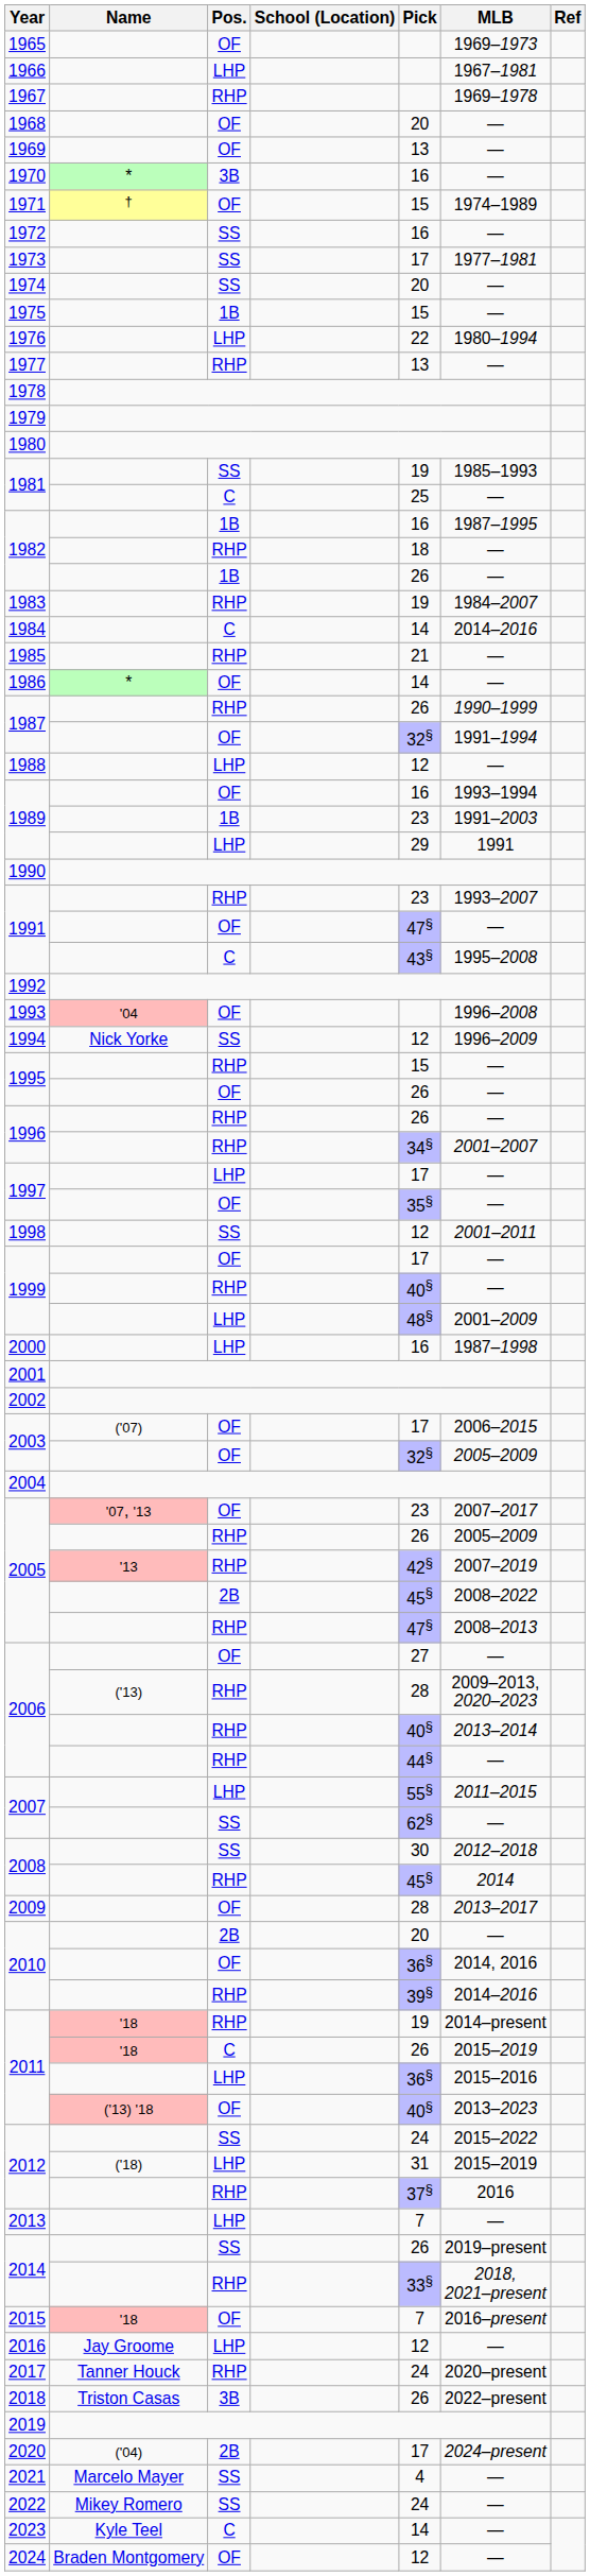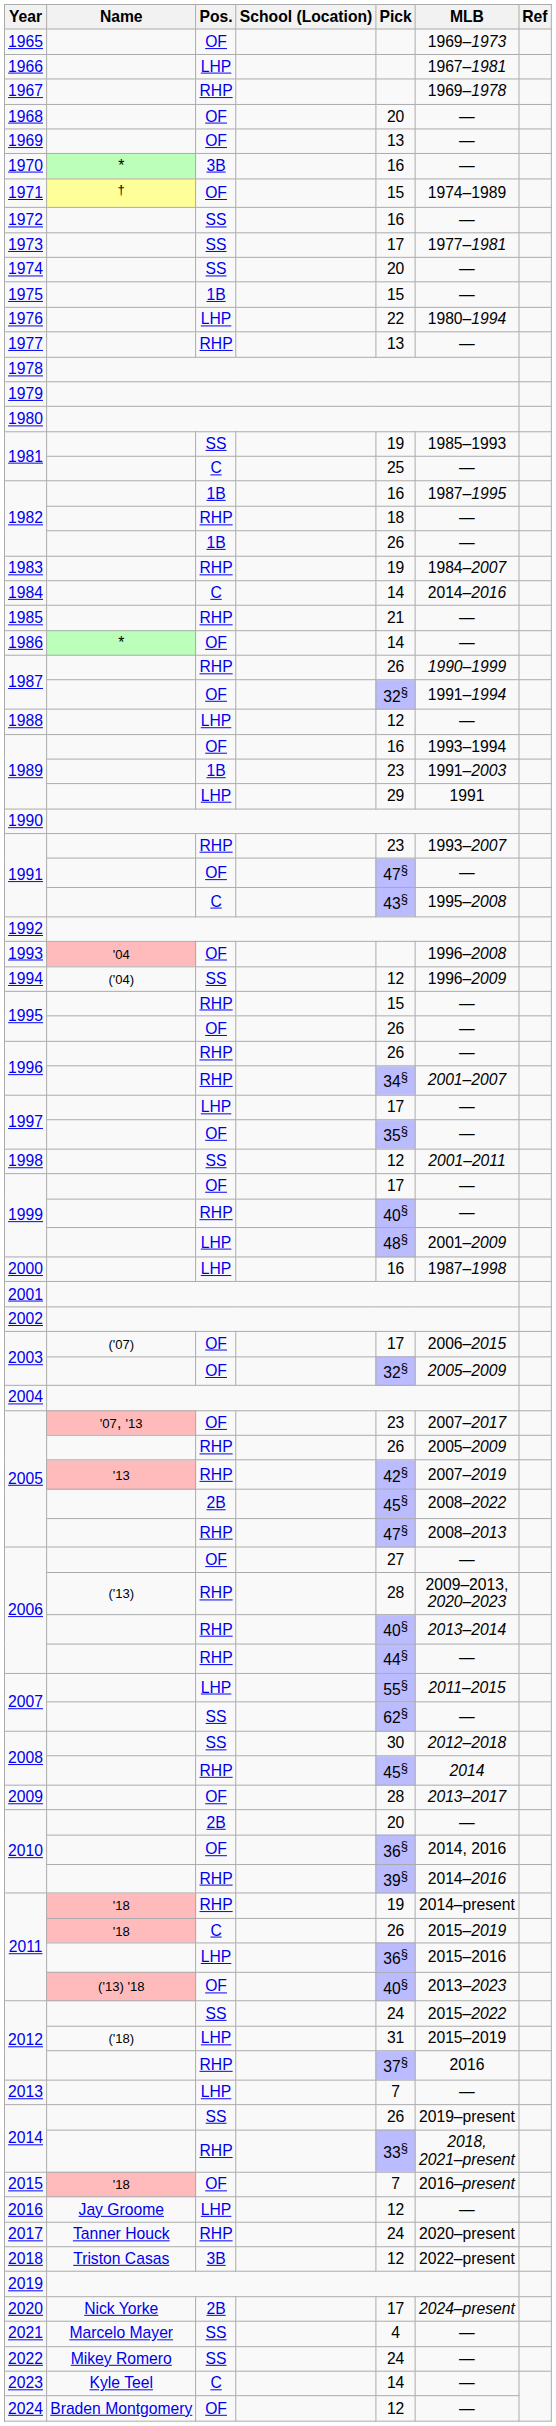 <table class="wikitable sortable" style="text-align:center;">
 <tr>
 <th>Year</th>
 <th>Name</th>
 <th>Pos.</th>
 <th>School (Location)</th>
 <th>Pick</th>
 <th>MLB</th>
 <th class="unsortable">Ref</th>
 </tr>
 <tr>
 <td><a href='#'>1965</a></td>
 <td></td>
 <td><a href='#'>OF</a></td>
 <td></td>
 <td></td>
 <td>1969–<em>1973</em></td>
 <td></td>
 </tr>
 <tr>
 <td><a href='#'>1966</a></td>
 <td></td>
 <td><a href='#'>LHP</a></td>
 <td></td>
 <td></td>
 <td>1967–<em>1981</em></td>
 <td></td>
 </tr>
 <tr>
 <td><a href='#'>1967</a></td>
 <td></td>
 <td><a href='#'>RHP</a></td>
 <td></td>
 <td></td>
 <td>1969–<em>1978</em></td>
 <td></td>
 </tr>
 <tr>
 <td><a href='#'>1968</a></td>
 <td></td>
 <td><a href='#'>OF</a></td>
 <td></td>
 <td>20</td>
 <td>—</td>
 <td></td>
 </tr>
 <tr>
 <td><a href='#'>1969</a></td>
 <td></td>
 <td><a href='#'>OF</a></td>
 <td></td>
 <td>13</td>
 <td>—</td>
 <td></td>
 </tr>
 <tr>
 <td><a href='#'>1970</a></td>
 <td style="background:#bfb;">*</td>
 <td><a href='#'>3B</a></td>
 <td></td>
 <td>16</td>
 <td>—</td>
 <td></td>
 </tr>
 <tr>
 <td><a href='#'>1971</a></td>
 <td style="background:#ff9;"><sup>†</sup></td>
 <td><a href='#'>OF</a></td>
 <td></td>
 <td>15</td>
 <td>1974–1989</td>
 <td></td>
 </tr>
 <tr>
 <td><a href='#'>1972</a></td>
 <td></td>
 <td><a href='#'>SS</a></td>
 <td></td>
 <td>16</td>
 <td>—</td>
 <td></td>
 </tr>
 <tr>
 <td><a href='#'>1973</a></td>
 <td></td>
 <td><a href='#'>SS</a></td>
 <td></td>
 <td>17</td>
 <td>1977–<em>1981</em></td>
 <td></td>
 </tr>
 <tr>
 <td><a href='#'>1974</a></td>
 <td></td>
 <td><a href='#'>SS</a></td>
 <td></td>
 <td>20</td>
 <td>—</td>
 <td></td>
 </tr>
 <tr>
 <td><a href='#'>1975</a></td>
 <td></td>
 <td><a href='#'>1B</a></td>
 <td></td>
 <td>15</td>
 <td>—</td>
 <td></td>
 </tr>
 <tr>
 <td><a href='#'>1976</a></td>
 <td></td>
 <td><a href='#'>LHP</a></td>
 <td></td>
 <td>22</td>
 <td>1980–<em>1994</em></td>
 <td></td>
 </tr>
 <tr>
 <td><a href='#'>1977</a></td>
 <td></td>
 <td><a href='#'>RHP</a></td>
 <td></td>
 <td>13</td>
 <td>—</td>
 <td></td>
 </tr>
 <tr>
 <td><a href='#'>1978</a></td>
 <td colspan="5"></td>
 <td></td>
 </tr>
 <tr>
 <td><a href='#'>1979</a></td>
 <td colspan="5"></td>
 <td></td>
 </tr>
 <tr>
 <td><a href='#'>1980</a></td>
 <td colspan="5"></td>
 <td></td>
 </tr>
 <tr>
 <td rowspan=2><a href='#'>1981</a></td>
 <td></td>
 <td><a href='#'>SS</a></td>
 <td></td>
 <td>19</td>
 <td>1985–1993</td>
 <td></td>
 </tr>
 <tr>
 <td></td>
 <td><a href='#'>C</a></td>
 <td></td>
 <td>25</td>
 <td>—</td>
 <td></td>
 </tr>
 <tr>
 <td rowspan=3><a href='#'>1982</a></td>
 <td></td>
 <td><a href='#'>1B</a></td>
 <td></td>
 <td>16</td>
 <td>1987–<em>1995</em></td>
 <td></td>
 </tr>
 <tr>
 <td></td>
 <td><a href='#'>RHP</a></td>
 <td></td>
 <td>18</td>
 <td>—</td>
 <td></td>
 </tr>
 <tr>
 <td></td>
 <td><a href='#'>1B</a></td>
 <td></td>
 <td>26</td>
 <td>—</td>
 <td></td>
 </tr>
 <tr>
 <td><a href='#'>1983</a></td>
 <td></td>
 <td><a href='#'>RHP</a></td>
 <td></td>
 <td>19</td>
 <td>1984–<em>2007</em></td>
 <td></td>
 </tr>
 <tr>
 <td><a href='#'>1984</a></td>
 <td></td>
 <td><a href='#'>C</a></td>
 <td></td>
 <td>14</td>
 <td>2014–<em>2016</em></td>
 <td></td>
 </tr>
 <tr>
 <td><a href='#'>1985</a></td>
 <td></td>
 <td><a href='#'>RHP</a></td>
 <td></td>
 <td>21</td>
 <td>—</td>
 <td></td>
 </tr>
 <tr>
 <td><a href='#'>1986</a></td>
 <td style="background:#bfb;">*</td>
 <td><a href='#'>OF</a></td>
 <td></td>
 <td>14</td>
 <td>—</td>
 <td></td>
 </tr>
 <tr>
 <td rowspan=2><a href='#'>1987</a></td>
 <td></td>
 <td><a href='#'>RHP</a></td>
 <td></td>
 <td>26</td>
 <td><em>1990</em>–<em>1999</em></td>
 <td></td>
 </tr>
 <tr>
 <td></td>
 <td><a href='#'>OF</a></td>
 <td></td>
 <td style="background:#bbf;">32<sup>§</sup></td>
 <td>1991–<em>1994</em></td>
 <td></td>
 </tr>
 <tr>
 <td><a href='#'>1988</a></td>
 <td></td>
 <td><a href='#'>LHP</a></td>
 <td></td>
 <td>12</td>
 <td>—</td>
 <td></td>
 </tr>
 <tr>
 <td rowspan=3><a href='#'>1989</a></td>
 <td></td>
 <td><a href='#'>OF</a></td>
 <td></td>
 <td>16</td>
 <td>1993–1994</td>
 <td></td>
 </tr>
 <tr>
 <td></td>
 <td><a href='#'>1B</a></td>
 <td></td>
 <td>23</td>
 <td>1991–<em>2003</em></td>
 <td></td>
 </tr>
 <tr>
 <td></td>
 <td><a href='#'>LHP</a></td>
 <td></td>
 <td>29</td>
 <td>1991</td>
 <td></td>
 </tr>
 <tr>
 <td><a href='#'>1990</a></td>
 <td colspan="5"></td>
 <td></td>
 </tr>
 <tr>
 <td rowspan=3><a href='#'>1991</a></td>
 <td></td>
 <td><a href='#'>RHP</a></td>
 <td></td>
 <td>23</td>
 <td>1993–<em>2007</em></td>
 <td></td>
 </tr>
 <tr>
 <td></td>
 <td><a href='#'>OF</a></td>
 <td></td>
 <td style="background:#bbf;">47<sup>§</sup></td>
 <td>—</td>
 <td></td>
 </tr>
 <tr>
 <td></td>
 <td><a href='#'>C</a></td>
 <td></td>
 <td style="background:#bbf;">43<sup>§</sup></td>
 <td>1995–<em>2008</em></td>
 <td></td>
 </tr>
 <tr>
 <td><a href='#'>1992</a></td>
 <td colspan="5"></td>
 <td></td>
 </tr>
 <tr>
 <td><a href='#'>1993</a></td>
 <td style="background:#fbb;"> <small>'04</small></td>
 <td><a href='#'>OF</a></td>
 <td></td>
 <td></td>
 <td>1996–<em>2008</em></td>
 <td></td>
 </tr>
 <tr>
 <td><a href='#'>1994</a></td>
-<td><a href='#'>Nick Yorke</a></td>
+<td> <small>('04)</small></td>
 <td><a href='#'>SS</a></td>
 <td></td>
 <td>12</td>
 <td>1996–<em>2009</em></td>
 <td></td>
 </tr>
 <tr>
 <td rowspan=2><a href='#'>1995</a></td>
 <td></td>
 <td><a href='#'>RHP</a></td>
 <td></td>
 <td>15</td>
 <td>—</td>
 <td></td>
 </tr>
 <tr>
 <td></td>
 <td><a href='#'>OF</a></td>
 <td></td>
 <td>26</td>
 <td>—</td>
 <td></td>
 </tr>
 <tr>
 <td rowspan=2><a href='#'>1996</a></td>
 <td></td>
 <td><a href='#'>RHP</a></td>
 <td></td>
 <td>26</td>
 <td>—</td>
 <td></td>
 </tr>
 <tr>
 <td></td>
 <td><a href='#'>RHP</a></td>
 <td></td>
 <td style="background:#bbf;">34<sup>§</sup></td>
 <td><em>2001</em>–<em>2007</em></td>
 <td></td>
 </tr>
 <tr>
 <td rowspan=2><a href='#'>1997</a></td>
 <td></td>
 <td><a href='#'>LHP</a></td>
 <td></td>
 <td>17</td>
 <td>—</td>
 <td></td>
 </tr>
 <tr>
 <td></td>
 <td><a href='#'>OF</a></td>
 <td></td>
 <td style="background:#bbf;">35<sup>§</sup></td>
 <td>—</td>
 <td></td>
 </tr>
 <tr>
 <td><a href='#'>1998</a></td>
 <td></td>
 <td><a href='#'>SS</a></td>
 <td></td>
 <td>12</td>
 <td><em>2001</em>–<em>2011</em></td>
 <td></td>
 </tr>
 <tr>
 <td rowspan=3><a href='#'>1999</a></td>
 <td></td>
 <td><a href='#'>OF</a></td>
 <td></td>
 <td>17</td>
 <td>—</td>
 <td></td>
 </tr>
 <tr>
 <td></td>
 <td><a href='#'>RHP</a></td>
 <td></td>
 <td style="background:#bbf;">40<sup>§</sup></td>
 <td>—</td>
 <td></td>
 </tr>
 <tr>
 <td></td>
 <td><a href='#'>LHP</a></td>
 <td></td>
 <td style="background:#bbf;">48<sup>§</sup></td>
 <td>2001–<em>2009</em></td>
 <td></td>
 </tr>
 <tr>
 <td><a href='#'>2000</a></td>
 <td></td>
 <td><a href='#'>LHP</a></td>
 <td></td>
 <td>16</td>
 <td>1987–<em>1998</em></td>
 <td></td>
 </tr>
 <tr>
 <td><a href='#'>2001</a></td>
 <td colspan="5"></td>
 <td></td>
 </tr>
 <tr>
 <td><a href='#'>2002</a></td>
 <td colspan="5"></td>
 <td></td>
 </tr>
 <tr>
 <td rowspan=2><a href='#'>2003</a></td>
 <td> <small>('07)</small></td>
 <td><a href='#'>OF</a></td>
 <td></td>
 <td>17</td>
 <td>2006–<em>2015</em></td>
 <td></td>
 </tr>
 <tr>
 <td></td>
 <td><a href='#'>OF</a></td>
 <td></td>
 <td style="background:#bbf;">32<sup>§</sup></td>
 <td><em>2005</em>–<em>2009</em></td>
 <td></td>
 </tr>
 <tr>
 <td><a href='#'>2004</a></td>
 <td colspan="5"></td>
 <td></td>
 </tr>
 <tr>
 <td rowspan=5><a href='#'>2005</a></td>
 <td style="background:#fbb;"> <small>'07</small>, <small>'13</small></td>
 <td><a href='#'>OF</a></td>
 <td></td>
 <td>23</td>
 <td>2007–<em>2017</em></td>
 <td></td>
 </tr>
 <tr>
 <td></td>
 <td><a href='#'>RHP</a></td>
 <td></td>
 <td>26</td>
 <td>2005–<em>2009</em></td>
 <td></td>
 </tr>
 <tr>
 <td style="background:#fbb;"> <small>'13</small></td>
 <td><a href='#'>RHP</a></td>
 <td></td>
 <td style="background:#bbf;">42<sup>§</sup></td>
 <td>2007–<em>2019</em></td>
 <td></td>
 </tr>
 <tr>
 <td></td>
 <td><a href='#'>2B</a></td>
 <td></td>
 <td style="background:#bbf;">45<sup>§</sup></td>
 <td>2008–<em>2022</em></td>
 <td></td>
 </tr>
 <tr>
 <td></td>
 <td><a href='#'>RHP</a></td>
 <td></td>
 <td style="background:#bbf;">47<sup>§</sup></td>
 <td>2008–<em>2013</em></td>
 <td></td>
 </tr>
 <tr>
 <td rowspan=4><a href='#'>2006</a></td>
 <td></td>
 <td><a href='#'>OF</a></td>
 <td></td>
 <td>27</td>
 <td>—</td>
 <td></td>
 </tr>
 <tr>
 <td> <small>('13)</small></td>
 <td><a href='#'>RHP</a></td>
 <td></td>
 <td>28</td>
 <td>2009–2013,<br><em>2020–2023</em></td>
 <td></td>
 </tr>
 <tr>
 <td></td>
 <td><a href='#'>RHP</a></td>
 <td></td>
 <td style="background:#bbf;">40<sup>§</sup></td>
 <td><em>2013</em>–<em>2014</em></td>
 <td></td>
 </tr>
 <tr>
 <td></td>
 <td><a href='#'>RHP</a></td>
 <td></td>
 <td style="background:#bbf;">44<sup>§</sup></td>
 <td>—</td>
 <td></td>
 </tr>
 <tr>
 <td rowspan=2><a href='#'>2007</a></td>
 <td></td>
 <td><a href='#'>LHP</a></td>
 <td></td>
 <td style="background:#bbf;">55<sup>§</sup></td>
 <td><em>2011</em>–<em>2015</em></td>
 <td></td>
 </tr>
 <tr>
 <td></td>
 <td><a href='#'>SS</a></td>
 <td></td>
 <td style="background:#bbf;">62<sup>§</sup></td>
 <td>—</td>
 <td></td>
 </tr>
 <tr>
 <td rowspan=2><a href='#'>2008</a></td>
 <td></td>
 <td><a href='#'>SS</a></td>
 <td></td>
 <td>30</td>
 <td><em>2012</em>–<em>2018</em></td>
 <td></td>
 </tr>
 <tr>
 <td></td>
 <td><a href='#'>RHP</a></td>
 <td></td>
 <td style="background:#bbf;">45<sup>§</sup></td>
 <td><em>2014</em></td>
 <td></td>
 </tr>
 <tr>
 <td><a href='#'>2009</a></td>
 <td></td>
 <td><a href='#'>OF</a></td>
 <td></td>
 <td>28</td>
 <td><em>2013</em>–<em>2017</em></td>
 <td></td>
 </tr>
 <tr>
 <td rowspan=3><a href='#'>2010</a></td>
 <td></td>
 <td><a href='#'>2B</a></td>
 <td></td>
 <td>20</td>
 <td>—</td>
 <td></td>
 </tr>
 <tr>
 <td></td>
 <td><a href='#'>OF</a></td>
 <td></td>
 <td style="background:#bbf;">36<sup>§</sup></td>
 <td>2014, 2016</td>
 <td></td>
 </tr>
 <tr>
 <td></td>
 <td><a href='#'>RHP</a></td>
 <td></td>
 <td style="background:#bbf;">39<sup>§</sup></td>
 <td>2014–<em>2016</em></td>
 <td></td>
 </tr>
 <tr>
 <td rowspan=4><a href='#'>2011</a></td>
 <td style="background:#fbb;"> <small>'18</small></td>
 <td><a href='#'>RHP</a></td>
 <td></td>
 <td>19</td>
 <td>2014–present</td>
 <td></td>
 </tr>
 <tr>
 <td style="background:#fbb;"> <small>'18</small></td>
 <td><a href='#'>C</a></td>
 <td></td>
 <td>26</td>
 <td>2015–<em>2019</em></td>
 <td></td>
 </tr>
 <tr>
 <td></td>
 <td><a href='#'>LHP</a></td>
 <td></td>
 <td style="background:#bbf;">36<sup>§</sup></td>
 <td>2015–2016</td>
 <td></td>
 </tr>
 <tr>
 <td style="background:#fbb;"> <small>('13) '18</small></td>
 <td><a href='#'>OF</a></td>
 <td></td>
 <td style="background:#bbf;">40<sup>§</sup></td>
 <td>2013–<em>2023</em></td>
 <td></td>
 </tr>
 <tr>
 <td rowspan=3><a href='#'>2012</a></td>
 <td></td>
 <td><a href='#'>SS</a></td>
 <td></td>
 <td>24</td>
 <td>2015–<em>2022</em></td>
 <td></td>
 </tr>
 <tr>
 <td> <small>('18)</small></td>
 <td><a href='#'>LHP</a></td>
 <td></td>
 <td>31</td>
 <td>2015–2019</td>
 <td></td>
 </tr>
 <tr>
 <td></td>
 <td><a href='#'>RHP</a></td>
 <td></td>
 <td style="background:#bbf;">37<sup>§</sup></td>
 <td>2016</td>
 <td></td>
 </tr>
 <tr>
 <td><a href='#'>2013</a></td>
 <td></td>
 <td><a href='#'>LHP</a></td>
 <td></td>
 <td>7</td>
 <td>—</td>
 <td></td>
 </tr>
 <tr>
 <td rowspan=2><a href='#'>2014</a></td>
 <td></td>
 <td><a href='#'>SS</a></td>
 <td></td>
 <td>26</td>
 <td>2019–present</td>
 <td></td>
 </tr>
 <tr>
 <td></td>
 <td><a href='#'>RHP</a></td>
 <td></td>
 <td style="background:#bbf;">33<sup>§</sup></td>
 <td><em>2018,<br>2021–present</em></td>
 <td></td>
 </tr>
 <tr>
 <td><a href='#'>2015</a></td>
 <td style="background:#fbb;"> <small>'18</small></td>
 <td><a href='#'>OF</a></td>
 <td></td>
 <td>7</td>
 <td>2016–<em>present</em></td>
 <td></td>
 </tr>
 <tr>
 <td><a href='#'>2016</a></td>
 <td><a href='#'>Jay Groome</a></td>
 <td><a href='#'>LHP</a></td>
 <td></td>
 <td>12</td>
 <td>—</td>
 <td></td>
 </tr>
 <tr>
 <td><a href='#'>2017</a></td>
 <td><a href='#'>Tanner Houck</a></td>
 <td><a href='#'>RHP</a></td>
 <td></td>
 <td>24</td>
 <td>2020–present</td>
 <td></td>
 </tr>
 <tr>
 <td><a href='#'>2018</a></td>
 <td><a href='#'>Triston Casas</a></td>
 <td><a href='#'>3B</a></td>
 <td></td>
-<td>26</td>
+<td>12</td>
 <td>2022–present</td>
 <td></td>
 </tr>
 <tr>
 <td><a href='#'>2019</a></td>
 <td colspan="5"></td>
 <td></td>
 </tr>
 <tr>
 <td><a href='#'>2020</a></td>
-<td> <small>('04)</small></td>
+<td><a href='#'>Nick Yorke</a></td>
 <td><a href='#'>2B</a></td>
 <td></td>
 <td>17</td>
 <td><em>2024–present</em></td>
 <td></td>
 </tr>
 <tr>
 <td><a href='#'>2021</a></td>
 <td><a href='#'>Marcelo Mayer</a></td>
 <td><a href='#'>SS</a></td>
 <td></td>
 <td>4</td>
 <td>—</td>
 <td></td>
 </tr>
 <tr>
 <td><a href='#'>2022</a></td>
 <td><a href='#'>Mikey Romero</a></td>
 <td><a href='#'>SS</a></td>
 <td></td>
 <td>24</td>
 <td>—</td>
 <td></td>
 </tr>
 <tr>
 <td><a href='#'>2023</a></td>
 <td><a href='#'>Kyle Teel</a></td>
 <td><a href='#'>C</a></td>
 <td></td>
 <td>14</td>
 <td>—</td>
 </tr>
 <tr>
 <td><a href='#'>2024</a></td>
 <td><a href='#'>Braden Montgomery</a></td>
 <td><a href='#'>OF</a></td>
 <td></td>
 <td>12</td>
 <td>—</td>
 </tr>
 </table>
